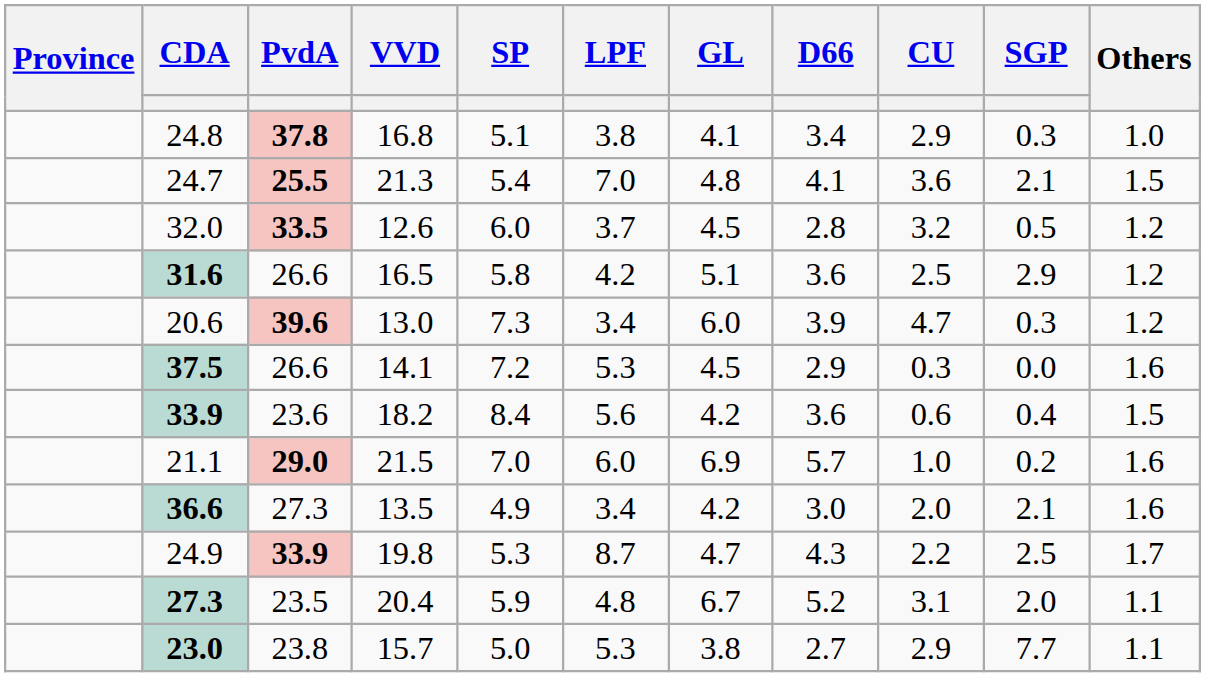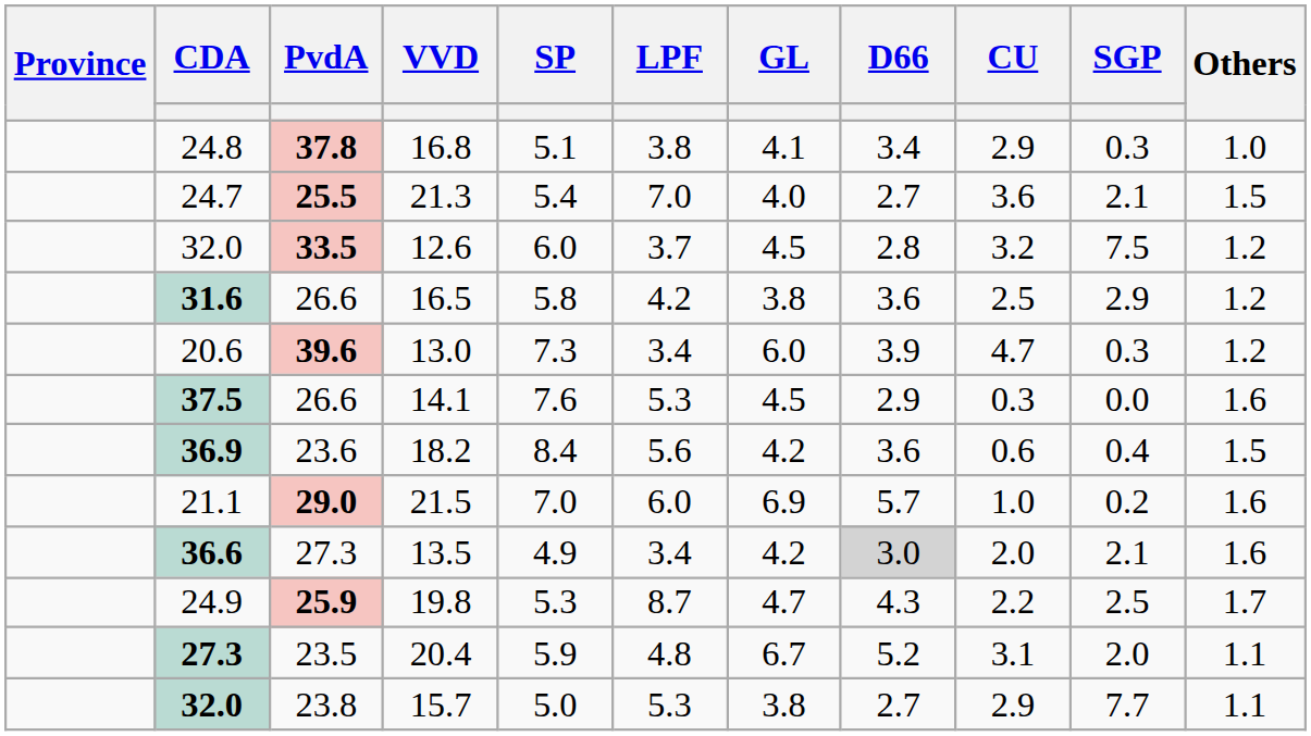 <table class="wikitable sortable" style="text-align:center;font-size:90%;line-height:14px">
 <tr style="height:40px;">
 <th rowspan="2"><a href='#'>Province</a></th>
 <th style="width:40px;"><a href='#'>CDA</a></th>
 <th style="width:40px;"><a href='#'>PvdA</a></th>
 <th style="width:40px;"><a href='#'>VVD</a></th>
 <th style="width:40px;"><a href='#'>SP</a></th>
 <th style="width:40px;"><a href='#'>LPF</a></th>
 <th style="width:40px;"><a href='#'>GL</a></th>
 <th style="width:40px;"><a href='#'>D66</a></th>
 <th style="width:40px;"><a href='#'>CU</a></th>
 <th style="width:40px;"><a href='#'>SGP</a></th>
 <th style="width:40px;" rowspan="2">Others</th>
 </tr>
 <tr>
 <th style="background:"></th>
 <th style="background:"></th>
 <th style="background:"></th>
 <th style="background:"></th>
 <th style="background:"></th>
 <th style="background:"></th>
 <th style="background:"></th>
 <th style="background:"></th>
 <th style="background:"></th>
 </tr>
 <tr>
 <td align="left"></td>
 <td>24.8</td>
 <td style="background:#F6C5C1;"><strong>37.8</strong></td>
 <td>16.8</td>
 <td>5.1</td>
 <td>3.8</td>
 <td>4.1</td>
 <td>3.4</td>
 <td>2.9</td>
 <td>0.3</td>
 <td>1.0</td>
 </tr>
 <tr>
 <td align="left"></td>
 <td>24.7</td>
 <td style="background:#F6C5C1;"><strong>25.5</strong></td>
 <td>21.3</td>
 <td>5.4</td>
 <td>7.0</td>
-<td>4.8</td>
-<td>4.1</td>
+<td>4.0</td>
+<td>2.7</td>
 <td>3.6</td>
 <td>2.1</td>
 <td>1.5</td>
 </tr>
 <tr>
 <td align="left"></td>
 <td>32.0</td>
 <td style="background:#F6C5C1;"><strong>33.5</strong></td>
 <td>12.6</td>
 <td>6.0</td>
 <td>3.7</td>
 <td>4.5</td>
 <td>2.8</td>
 <td>3.2</td>
-<td>0.5</td>
+<td>7.5</td>
 <td>1.2</td>
 </tr>
 <tr>
 <td align="left"></td>
 <td style="background:#BADBD3;"><strong>31.6</strong></td>
 <td>26.6</td>
 <td>16.5</td>
 <td>5.8</td>
 <td>4.2</td>
-<td>5.1</td>
+<td>3.8</td>
 <td>3.6</td>
 <td>2.5</td>
 <td>2.9</td>
 <td>1.2</td>
 </tr>
 <tr>
 <td align="left"></td>
 <td>20.6</td>
 <td style="background:#F6C5C1;"><strong>39.6</strong></td>
 <td>13.0</td>
 <td>7.3</td>
 <td>3.4</td>
 <td>6.0</td>
 <td>3.9</td>
 <td>4.7</td>
 <td>0.3</td>
 <td>1.2</td>
 </tr>
 <tr>
 <td align="left"></td>
 <td style="background:#BADBD3;"><strong>37.5</strong></td>
 <td>26.6</td>
 <td>14.1</td>
-<td>7.2</td>
+<td>7.6</td>
 <td>5.3</td>
 <td>4.5</td>
 <td>2.9</td>
 <td>0.3</td>
 <td>0.0</td>
 <td>1.6</td>
 </tr>
 <tr>
 <td align="left"></td>
-<td style="background:#BADBD3;"><strong>33.9</strong></td>
+<td style="background:#BADBD3;"><strong>36.9</strong></td>
 <td>23.6</td>
 <td>18.2</td>
 <td>8.4</td>
 <td>5.6</td>
 <td>4.2</td>
 <td>3.6</td>
 <td>0.6</td>
 <td>0.4</td>
 <td>1.5</td>
 </tr>
 <tr>
 <td align="left"></td>
 <td>21.1</td>
 <td style="background:#F6C5C1;"><strong>29.0</strong></td>
 <td>21.5</td>
 <td>7.0</td>
 <td>6.0</td>
 <td>6.9</td>
 <td>5.7</td>
 <td>1.0</td>
 <td>0.2</td>
 <td>1.6</td>
 </tr>
 <tr>
 <td align="left"></td>
 <td style="background:#BADBD3;"><strong>36.6</strong></td>
 <td>27.3</td>
 <td>13.5</td>
 <td>4.9</td>
 <td>3.4</td>
 <td>4.2</td>
-<td>3.0</td>
+<td style="background: lightgrey;">3.0</td>
 <td>2.0</td>
 <td>2.1</td>
 <td>1.6</td>
 </tr>
 <tr>
 <td align="left"></td>
 <td>24.9</td>
-<td style="background:#F6C5C1;"><strong>33.9</strong></td>
+<td style="background:#F6C5C1;"><strong>25.9</strong></td>
 <td>19.8</td>
 <td>5.3</td>
 <td>8.7</td>
 <td>4.7</td>
 <td>4.3</td>
 <td>2.2</td>
 <td>2.5</td>
 <td>1.7</td>
 </tr>
 <tr>
 <td align="left"></td>
 <td style="background:#BADBD3;"><strong>27.3</strong></td>
 <td>23.5</td>
 <td>20.4</td>
 <td>5.9</td>
 <td>4.8</td>
 <td>6.7</td>
 <td>5.2</td>
 <td>3.1</td>
 <td>2.0</td>
 <td>1.1</td>
 </tr>
 <tr>
 <td align="left"></td>
-<td style="background:#BADBD3;"><strong>23.0</strong></td>
+<td style="background:#BADBD3;"><strong>32.0</strong></td>
 <td>23.8</td>
 <td>15.7</td>
 <td>5.0</td>
 <td>5.3</td>
 <td>3.8</td>
 <td>2.7</td>
 <td>2.9</td>
 <td>7.7</td>
 <td>1.1</td>
 </tr>
 </table>
